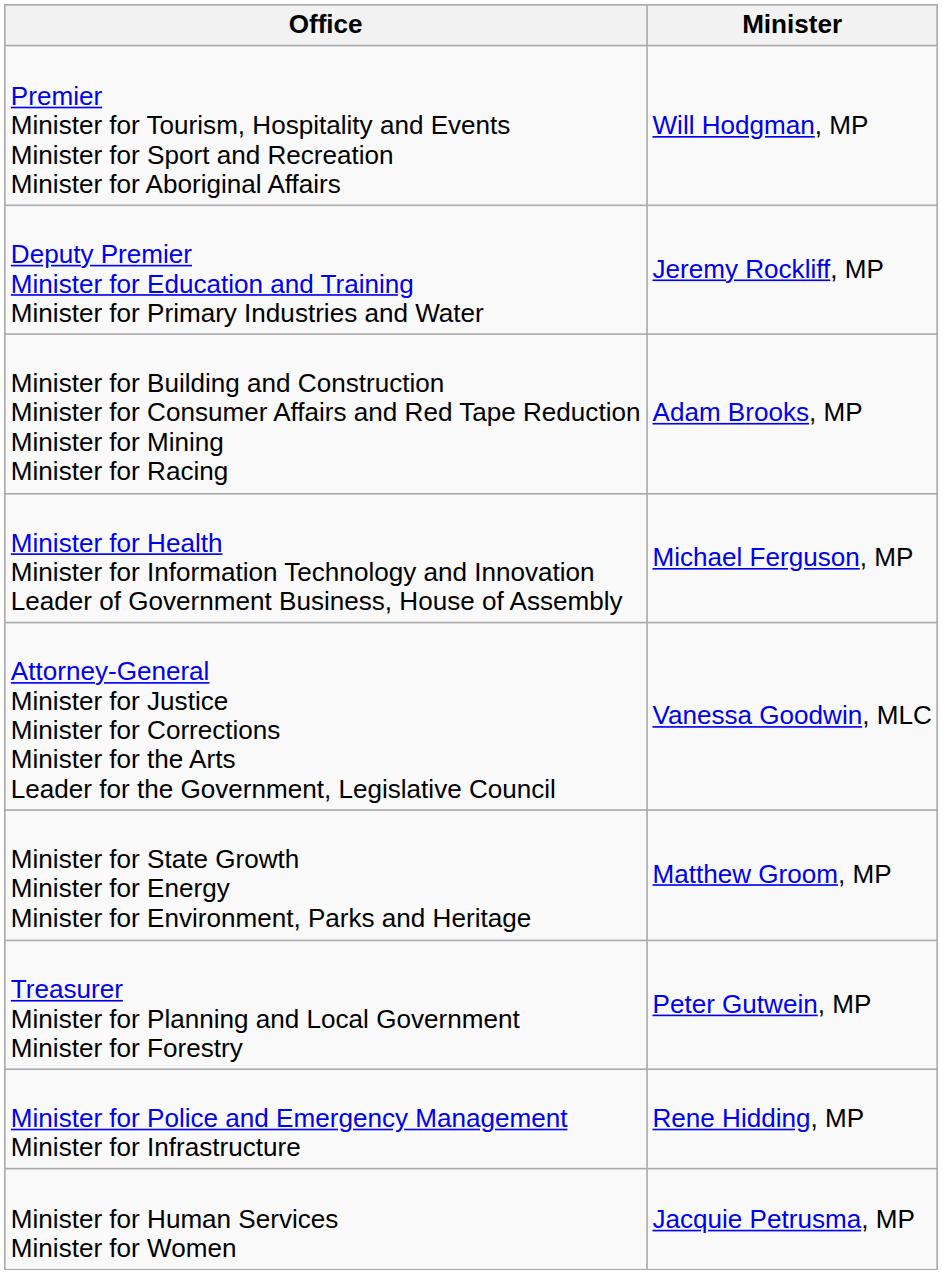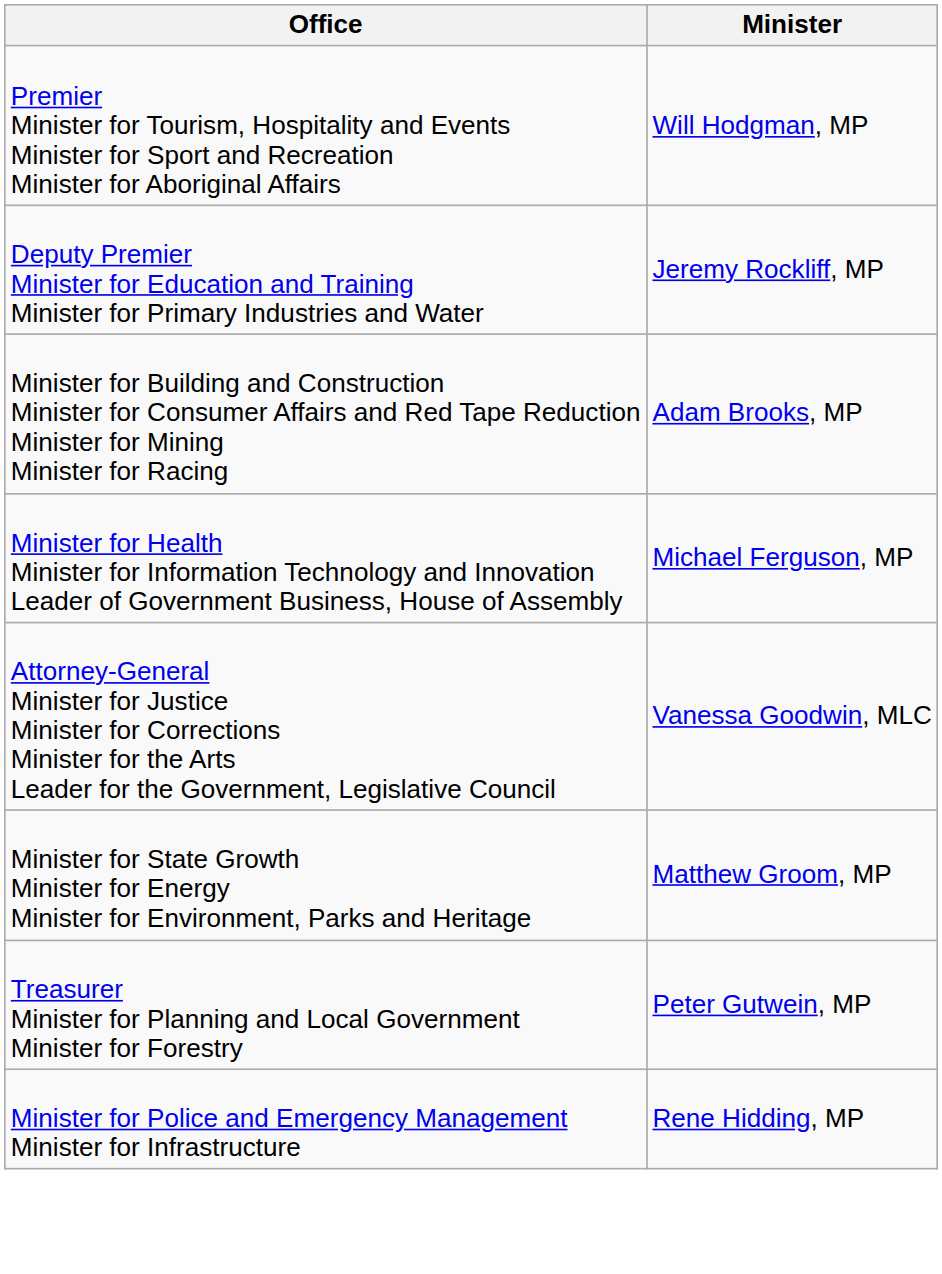 <table class="wikitable">
 <tr>
 <th>Office</th>
 <th>Minister</th>
 </tr>
 <tr>
 <td><br><a href='#'>Premier</a><br> Minister for Tourism, Hospitality and Events<br> Minister for Sport and Recreation<br> Minister for Aboriginal Affairs</td>
 <td><a href='#'>Will Hodgman</a>, MP</td>
 </tr>
 <tr>
 <td><br><a href='#'>Deputy Premier</a><br> <a href='#'>Minister for Education and Training</a><br> Minister for Primary Industries and Water<br></td>
 <td><a href='#'>Jeremy Rockliff</a>, MP</td>
 </tr>
 <tr>
 <td><br>Minister for Building and Construction<br> Minister for Consumer Affairs and Red Tape Reduction<br> Minister for Mining<br> Minister for Racing</td>
 <td><a href='#'>Adam Brooks</a>, MP</td>
 </tr>
 <tr>
 <td><br><a href='#'>Minister for Health</a><br> Minister for Information Technology and Innovation<br> Leader of Government Business, House of Assembly<br></td>
 <td><a href='#'>Michael Ferguson</a>, MP</td>
 </tr>
 <tr>
 <td><br><a href='#'>Attorney-General</a><br> Minister for Justice<br> Minister for Corrections<br> Minister for the Arts<br> Leader for the Government, Legislative Council</td>
 <td><a href='#'>Vanessa Goodwin</a>, MLC</td>
 </tr>
 <tr>
 <td><br>Minister for State Growth<br> Minister for Energy<br> Minister for Environment, Parks and Heritage</td>
 <td><a href='#'>Matthew Groom</a>, MP</td>
 </tr>
 <tr>
 <td><br><a href='#'>Treasurer</a><br> Minister for Planning and Local Government<br> Minister for Forestry</td>
 <td><a href='#'>Peter Gutwein</a>, MP</td>
 </tr>
 <tr>
 <td><br><a href='#'>Minister for Police and Emergency Management</a><br> Minister for Infrastructure</td>
 <td><a href='#'>Rene Hidding</a>, MP</td>
 </tr>
-<tr>
-<td><br>Minister for Human Services<br> Minister for Women</td>
-<td><a href='#'>Jacquie Petrusma</a>, MP</td>
-</tr>
 </table>
